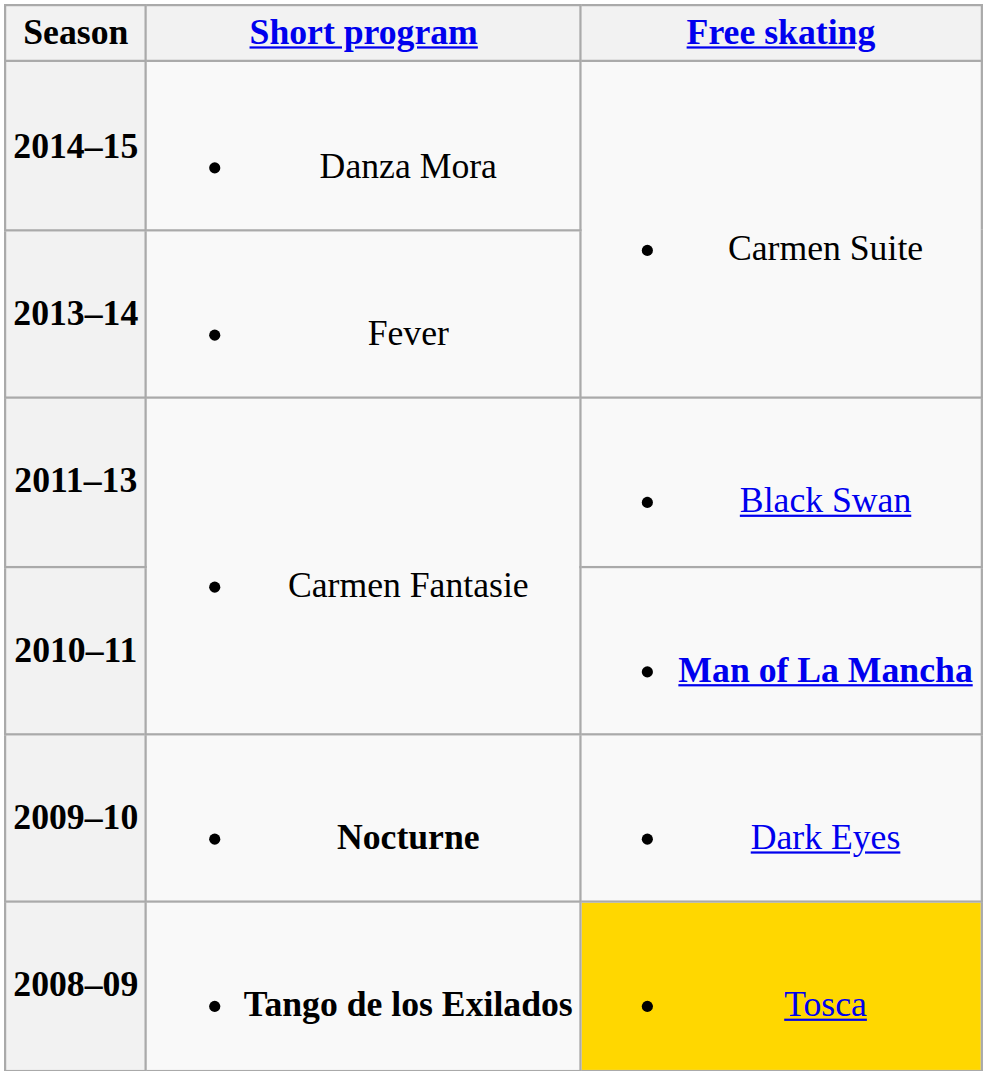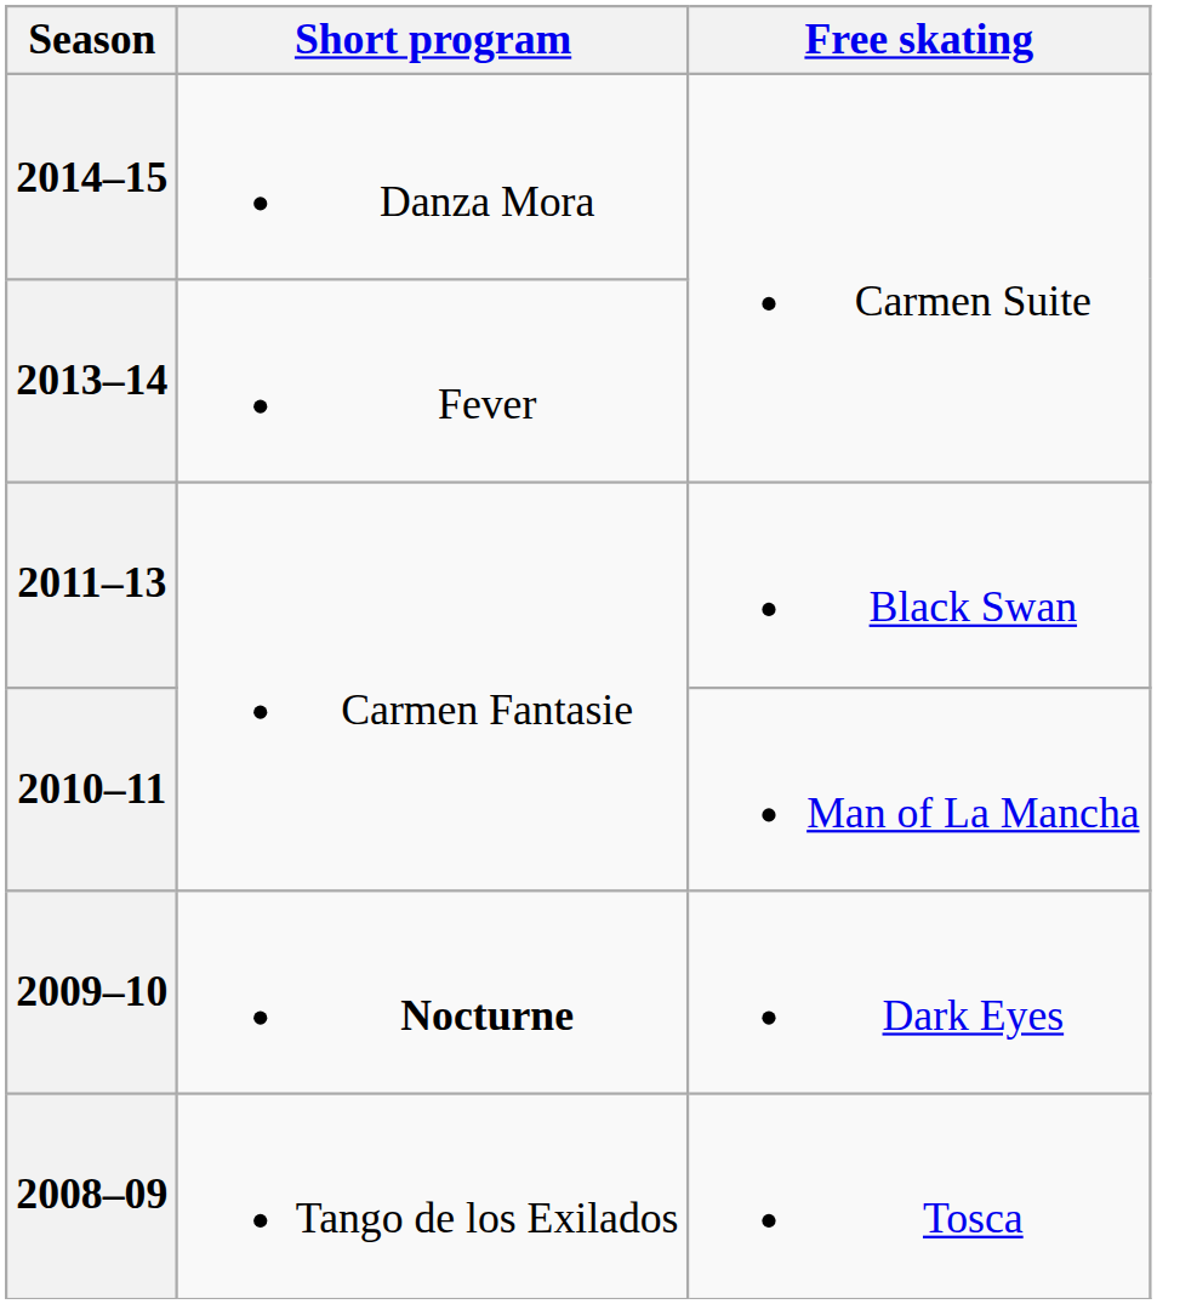 <table class="wikitable" style="text-align: center">
 <tr>
 <th>Season</th>
 <th><a href='#'>Short program</a></th>
 <th><a href='#'>Free skating</a></th>
 </tr>
 <tr>
 <th>2014–15 <br> </th>
 <td><br><ul><li>Danza Mora <br></li></ul></td>
 <td rowspan=2><br><ul><li>Carmen Suite <br></li></ul></td>
 </tr>
 <tr>
 <th>2013–14 <br> </th>
 <td><br><ul><li>Fever</li></ul></td>
 </tr>
 <tr>
 <th>2011–13 <br> </th>
 <td rowspan=2><br><ul><li>Carmen Fantasie <br></li></ul></td>
 <td><br><ul><li><a href='#'>Black Swan</a> <br></li></ul></td>
 </tr>
 <tr>
 <th>2010–11 <br> </th>
-<td><strong><br><ul><li><a href='#'>Man of La Mancha</a> <br></li></ul></strong></td>
+<td><br><ul><li><a href='#'>Man of La Mancha</a> <br></li></ul></td>
 </tr>
 <tr>
 <th>2009–10 <br> </th>
 <td><strong><br><ul><li>Nocturne <br></li></ul></strong></td>
 <td><br><ul><li><a href='#'>Dark Eyes</a> <br></li></ul></td>
 </tr>
 <tr>
 <th>2008–09 <br> </th>
-<td><strong><br><ul><li>Tango de los Exilados <br></li></ul></strong></td>
-<td style="background: gold;"><br><ul><li><a href='#'>Tosca</a> <br></li></ul></td>
+<td><br><ul><li>Tango de los Exilados <br></li></ul></td>
+<td><br><ul><li><a href='#'>Tosca</a> <br></li></ul></td>
 </tr>
 </table>
